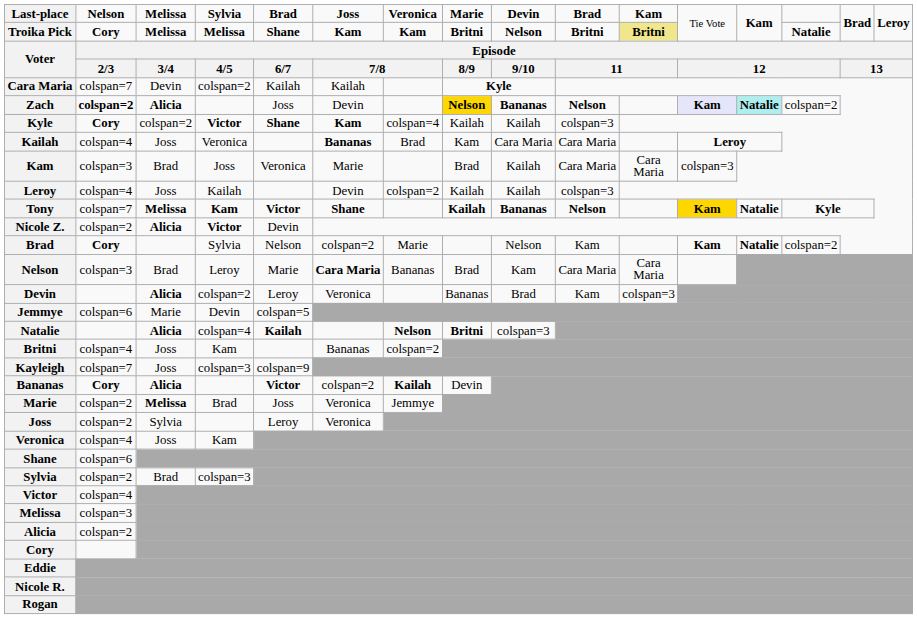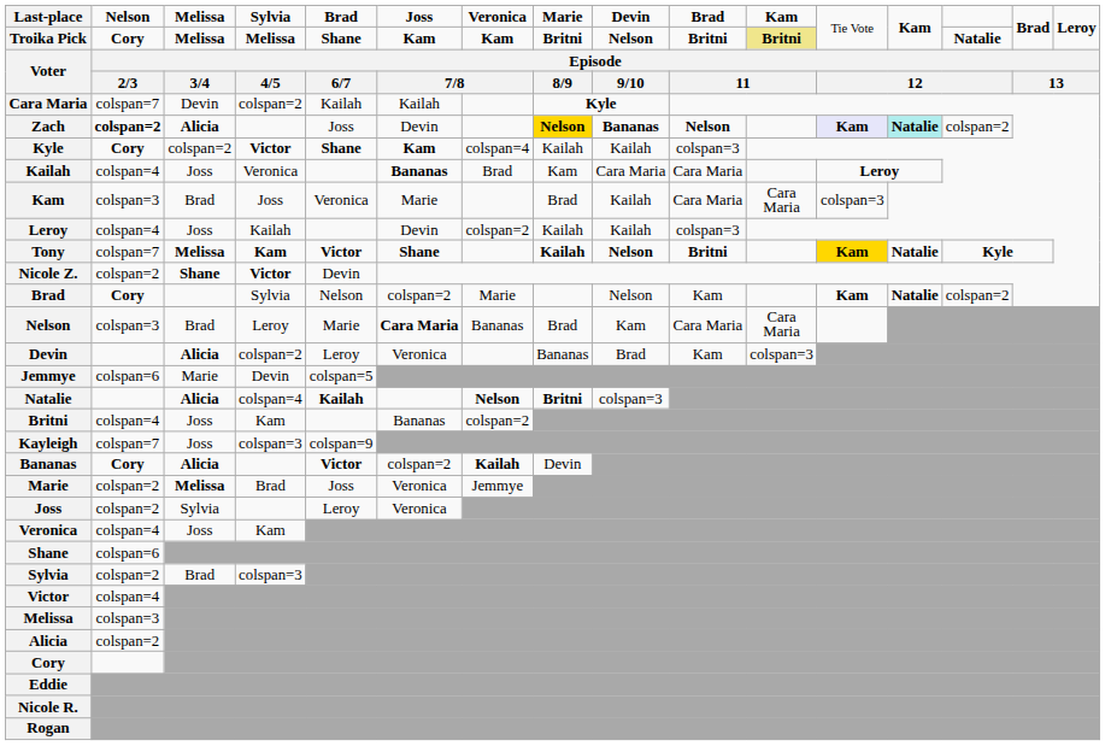 <table class="wikitable" style="text-align:center; line-height:13px; font-size:85%;">
 <tr>
 <th>Last-place</th>
 <td><strong>Nelson</strong><br></td>
 <td><strong>Melissa</strong><br></td>
 <td><strong>Sylvia</strong><br></td>
 <td><strong>Brad</strong><br></td>
 <td><strong>Joss</strong><br></td>
 <td><strong>Veronica</strong><br></td>
 <td><strong>Marie</strong><br></td>
 <td><strong>Devin</strong><br></td>
 <td><strong>Brad</strong><br></td>
 <td><strong>Kam</strong><br></td>
 <td rowspan=2><small>Tie Vote</small></td>
 <td rowspan=2><strong>Kam</strong><br></td>
 <td></td>
 <td rowspan=2><strong>Brad</strong><br></td>
 <td rowspan=2><strong>Leroy</strong><br></td>
 </tr>
 <tr>
 <th>Troika Pick</th>
 <td><strong>Cory</strong><br></td>
 <td><strong>Melissa</strong></td>
 <td><strong>Melissa</strong><br></td>
 <td><strong>Shane</strong></td>
 <td><strong>Kam</strong></td>
 <td><strong>Kam</strong><br></td>
 <td><strong>Britni</strong></td>
 <td><strong>Nelson</strong></td>
 <td><strong>Britni</strong></td>
 <td style="background: khaki;"><strong>Britni</strong><br></td>
 <td><strong>Natalie</strong><br></td>
 </tr>
 <tr>
 <th rowspan=2>Voter</th>
 <th colspan=15>Episode</th>
 </tr>
 <tr>
 <th>2/3</th>
 <th>3/4</th>
 <th>4/5</th>
 <th>6/7</th>
 <th colspan=2>7/8</th>
 <th>8/9</th>
 <th>9/10</th>
 <th colspan=2>11</th>
 <th colspan=3>12</th>
 <th colspan=2>13</th>
 </tr>
 <tr>
 <th nowrap>Cara Maria</th>
 <td>colspan=7 </td>
 <td>Devin</td>
 <td>colspan=2 </td>
 <td>Kailah</td>
 <td>Kailah</td>
 <td></td>
 <td colspan=2><strong>Kyle</strong></td>
 </tr>
 <tr>
 <th>Zach</th>
 <td><strong>colspan=2 </strong></td>
 <td><strong>Alicia</strong><br></td>
 <td></td>
 <td>Joss</td>
 <td>Devin</td>
 <td></td>
 <td style="background: gold;"><strong>Nelson</strong></td>
 <td><strong>Bananas</strong><br></td>
 <td><strong>Nelson</strong><br></td>
 <td></td>
 <td style="background: lavender;"><strong>Kam</strong></td>
 <td style="background: paleturquoise;"><strong>Natalie</strong></td>
 <td>colspan=2 </td>
 </tr>
 <tr>
 <th>Kyle</th>
 <td><strong>Cory</strong></td>
 <td>colspan=2 </td>
 <td><strong>Victor</strong></td>
 <td><strong>Shane</strong></td>
 <td><strong>Kam</strong></td>
 <td>colspan=4 </td>
 <td>Kailah</td>
 <td>Kailah</td>
 <td>colspan=3 </td>
 </tr>
 <tr>
 <th>Kailah</th>
 <td>colspan=4 </td>
 <td>Joss</td>
 <td>Veronica</td>
 <td></td>
 <td><strong>Bananas</strong></td>
 <td>Brad</td>
 <td>Kam</td>
 <td nowrap>Cara Maria</td>
 <td nowrap>Cara Maria</td>
 <td></td>
 <td colspan=2><strong>Leroy</strong></td>
 </tr>
 <tr>
 <th>Kam</th>
 <td>colspan=3 </td>
 <td>Brad</td>
 <td>Joss</td>
 <td>Veronica</td>
 <td>Marie</td>
 <td></td>
 <td>Brad</td>
 <td>Kailah</td>
 <td>Cara Maria</td>
 <td>Cara Maria</td>
 <td>colspan=3 </td>
 </tr>
 <tr>
 <th>Leroy</th>
 <td>colspan=4 </td>
 <td>Joss</td>
 <td>Kailah</td>
 <td></td>
 <td>Devin</td>
 <td>colspan=2 </td>
 <td>Kailah</td>
 <td>Kailah</td>
 <td>colspan=3 </td>
 </tr>
 <tr>
 <th>Tony</th>
 <td>colspan=7 </td>
 <td><strong>Melissa</strong></td>
 <td><strong>Kam</strong></td>
 <td><strong>Victor</strong><br></td>
 <td><strong>Shane</strong><br></td>
 <td></td>
 <td><strong>Kailah</strong><br></td>
-<td><strong>Bananas</strong><br></td>
-<td><strong>Nelson</strong><br></td>
+<td><strong>Nelson</strong></td>
+<td><strong>Britni</strong></td>
 <td></td>
 <td style="background: gold;"><strong>Kam</strong></td>
 <td><strong>Natalie</strong></td>
 <td colspan=2><strong>Kyle</strong></td>
 </tr>
 <tr>
 <th>Nicole Z.</th>
 <td>colspan=2 </td>
-<td><strong>Alicia</strong></td>
+<td><strong>Shane</strong></td>
 <td><strong>Victor</strong></td>
 <td>Devin</td>
 </tr>
 <tr>
 <th>Brad</th>
 <td><strong>Cory</strong></td>
 <td></td>
 <td>Sylvia</td>
 <td>Nelson</td>
 <td>colspan=2 </td>
 <td>Marie</td>
 <td></td>
 <td>Nelson</td>
 <td>Kam</td>
 <td></td>
 <td><strong>Kam</strong></td>
 <td><strong>Natalie</strong></td>
 <td>colspan=2 </td>
 </tr>
 <tr>
 <th>Nelson</th>
 <td>colspan=3 </td>
 <td>Brad</td>
 <td>Leroy</td>
 <td>Marie</td>
 <td nowrap><strong>Cara Maria</strong></td>
 <td>Bananas</td>
 <td>Brad</td>
 <td>Kam</td>
 <td>Cara Maria</td>
 <td>Cara Maria</td>
 <td></td>
 <td bgcolor="darkgray" colspan=14></td>
 </tr>
 <tr>
 <th>Devin</th>
 <td></td>
 <td><strong>Alicia</strong></td>
 <td>colspan=2 </td>
 <td>Leroy</td>
 <td>Veronica</td>
 <td></td>
 <td>Bananas</td>
 <td>Brad</td>
 <td>Kam</td>
 <td>colspan=3 </td>
 <td bgcolor="darkgray" colspan=14></td>
 </tr>
 <tr>
 <th>Jemmye</th>
 <td>colspan=6 </td>
 <td>Marie</td>
 <td>Devin</td>
 <td>colspan=5 </td>
 <td bgcolor="darkgray" colspan=14></td>
 </tr>
 <tr>
 <th>Natalie</th>
 <td></td>
 <td><strong>Alicia</strong></td>
 <td>colspan=4 </td>
 <td><strong>Kailah</strong></td>
 <td></td>
 <td><strong>Nelson</strong></td>
 <td><strong>Britni</strong></td>
 <td>colspan=3 </td>
 <td bgcolor="darkgray" colspan=14></td>
 </tr>
 <tr>
 <th>Britni</th>
 <td>colspan=4 </td>
 <td>Joss</td>
 <td>Kam</td>
 <td></td>
 <td>Bananas</td>
 <td>colspan=2 </td>
 <td bgcolor="darkgray" colspan=14></td>
 </tr>
 <tr>
 <th>Kayleigh</th>
 <td>colspan=7 </td>
 <td>Joss</td>
 <td>colspan=3 </td>
 <td>colspan=9 </td>
 <td bgcolor="darkgray" colspan=14></td>
 </tr>
 <tr>
 <th>Bananas</th>
 <td><strong>Cory</strong></td>
 <td><strong>Alicia</strong></td>
 <td></td>
 <td><strong>Victor</strong></td>
 <td>colspan=2 </td>
 <td><strong>Kailah</strong></td>
 <td>Devin</td>
 <td bgcolor="darkgray" colspan=14></td>
 </tr>
 <tr>
 <th>Marie</th>
 <td>colspan=2 </td>
 <td><strong>Melissa</strong></td>
 <td>Brad</td>
 <td>Joss</td>
 <td>Veronica</td>
 <td>Jemmye</td>
 <td bgcolor="darkgray" colspan=14></td>
 </tr>
 <tr>
 <th>Joss</th>
 <td>colspan=2 </td>
 <td>Sylvia</td>
 <td></td>
 <td>Leroy</td>
 <td>Veronica</td>
 <td bgcolor="darkgray" colspan=14></td>
 </tr>
 <tr>
 <th>Veronica</th>
 <td>colspan=4 </td>
 <td>Joss</td>
 <td>Kam</td>
 <td bgcolor="darkgray" colspan=14></td>
 </tr>
 <tr>
 <th>Shane</th>
 <td>colspan=6 </td>
 <td bgcolor="darkgray" colspan=14></td>
 </tr>
 <tr>
 <th>Sylvia</th>
 <td>colspan=2 </td>
 <td>Brad</td>
 <td>colspan=3 </td>
 <td bgcolor="darkgray" colspan=14></td>
 </tr>
 <tr>
 <th>Victor</th>
 <td>colspan=4 </td>
 <td bgcolor="darkgray" colspan=14></td>
 </tr>
 <tr>
 <th>Melissa</th>
 <td>colspan=3 </td>
 <td bgcolor="darkgray" colspan=14></td>
 </tr>
 <tr>
 <th>Alicia</th>
 <td>colspan=2 </td>
 <td bgcolor="darkgray" colspan=14></td>
 </tr>
 <tr>
 <th>Cory</th>
 <td></td>
 <td bgcolor="darkgray" colspan=14></td>
 </tr>
 <tr>
 <th>Eddie</th>
 <td bgcolor="darkgray" colspan=15></td>
 </tr>
 <tr>
 <th>Nicole R.</th>
 <td bgcolor="darkgray" colspan=15></td>
 </tr>
 <tr>
 <th>Rogan</th>
 <td bgcolor="darkgray" colspan=15></td>
 </tr>
 </table>
